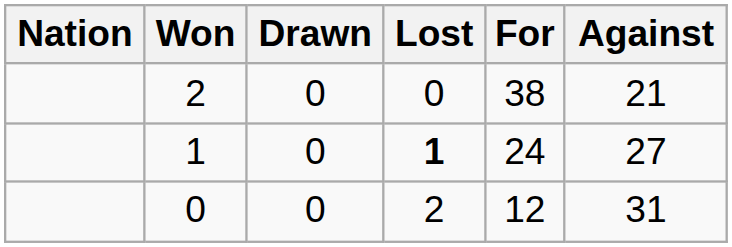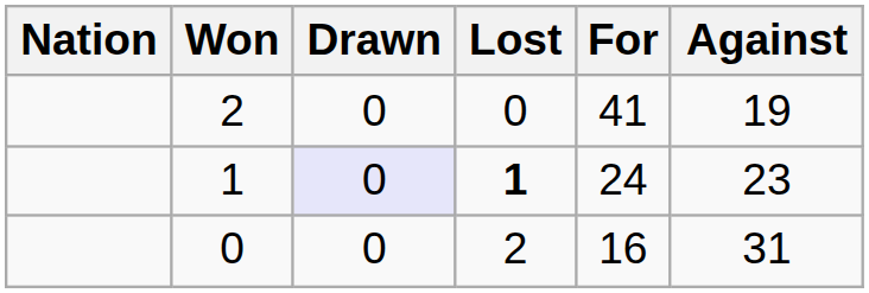 <table class="wikitable" style="text-align: center; width:50%">
 <tr>
 <th>Nation</th>
 <th>Won</th>
 <th>Drawn</th>
 <th>Lost</th>
 <th>For</th>
 <th>Against</th>
 </tr>
 <tr>
 <td align=left></td>
 <td>2</td>
 <td>0</td>
 <td>0</td>
-<td>38</td>
-<td>21</td>
+<td>41</td>
+<td>19</td>
 </tr>
 <tr>
 <td align=left></td>
 <td>1</td>
-<td>0</td>
+<td style="background: lavender;">0</td>
 <td><strong>1</strong></td>
 <td>24</td>
-<td>27</td>
+<td>23</td>
 </tr>
 <tr>
 <td align=left></td>
 <td>0</td>
 <td>0</td>
 <td>2</td>
-<td>12</td>
+<td>16</td>
 <td>31</td>
 </tr>
 </table>
